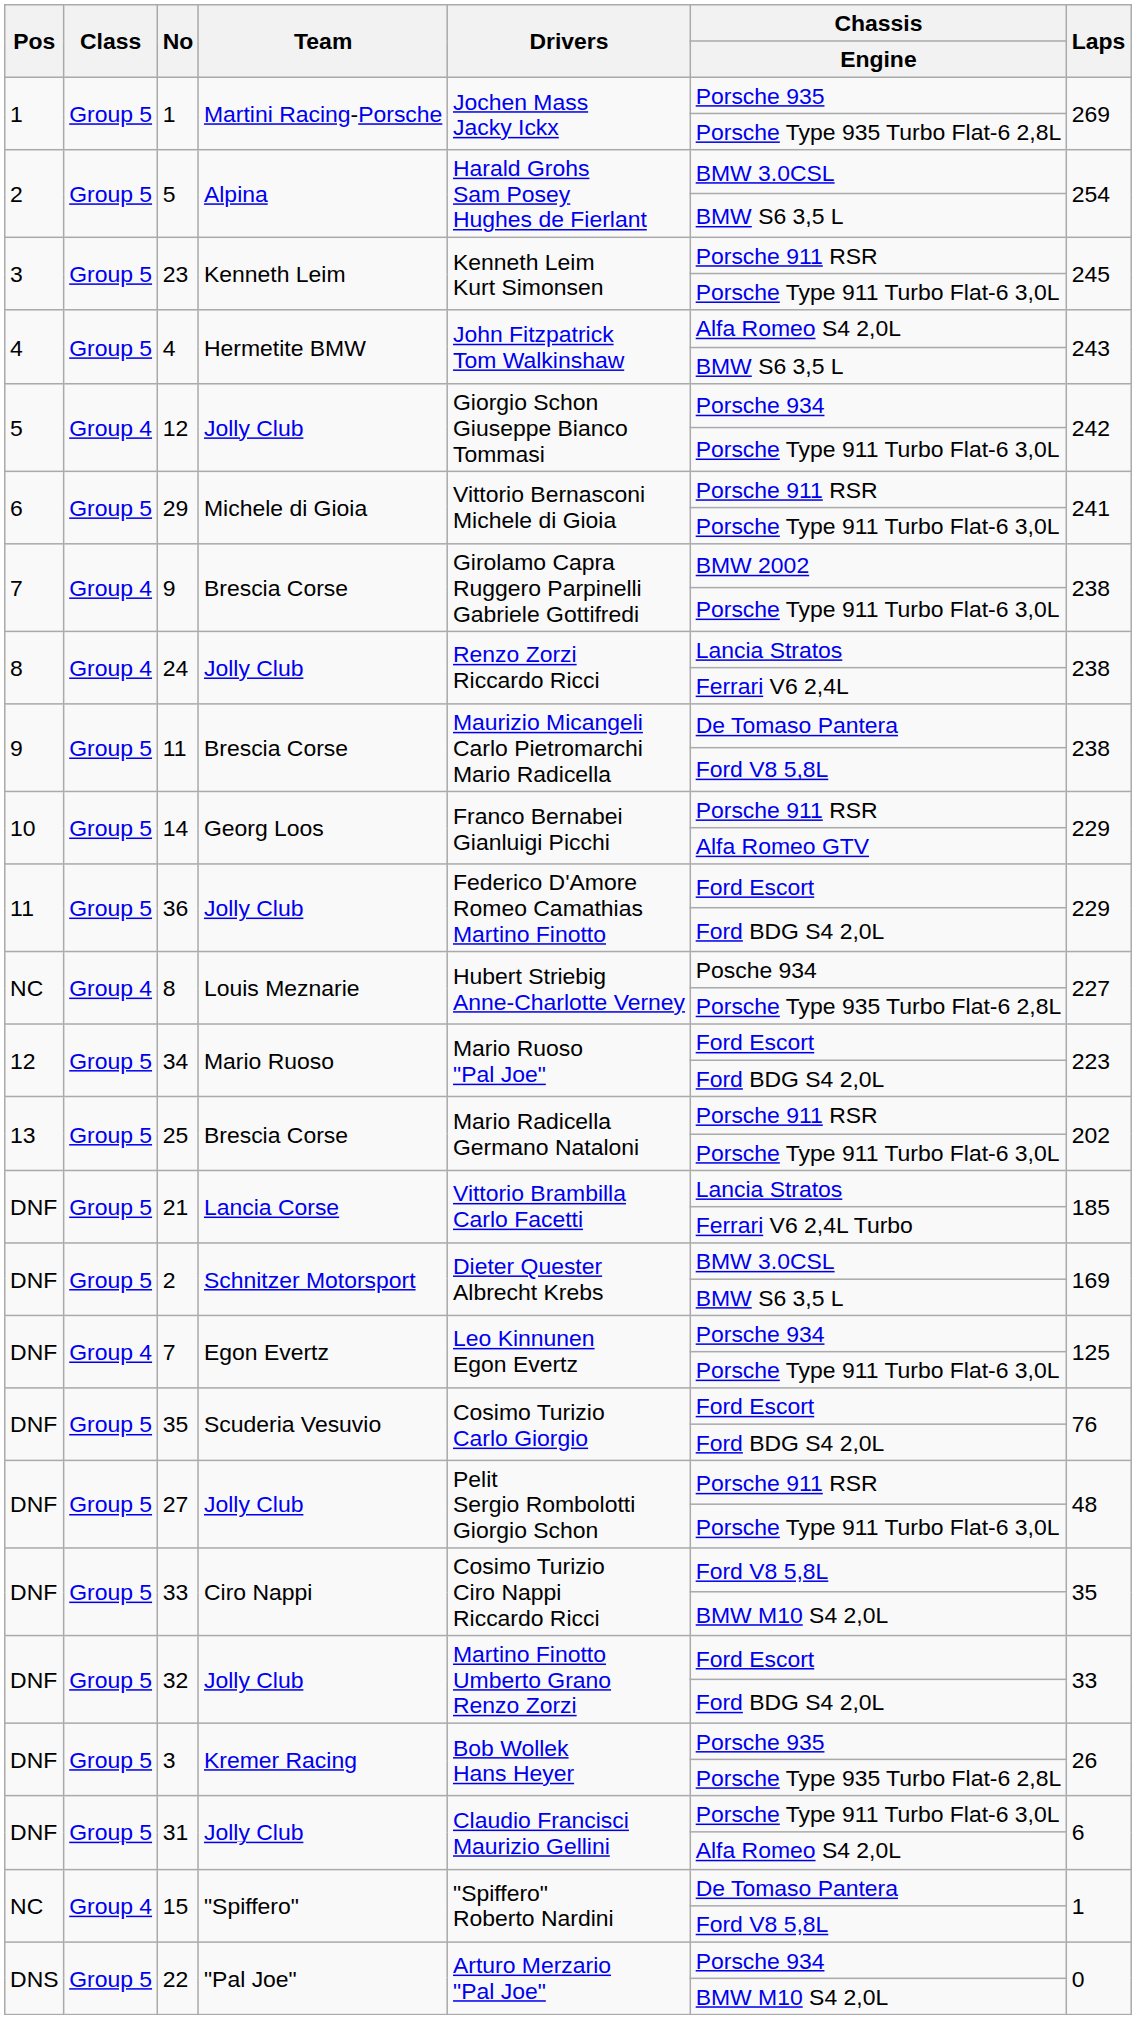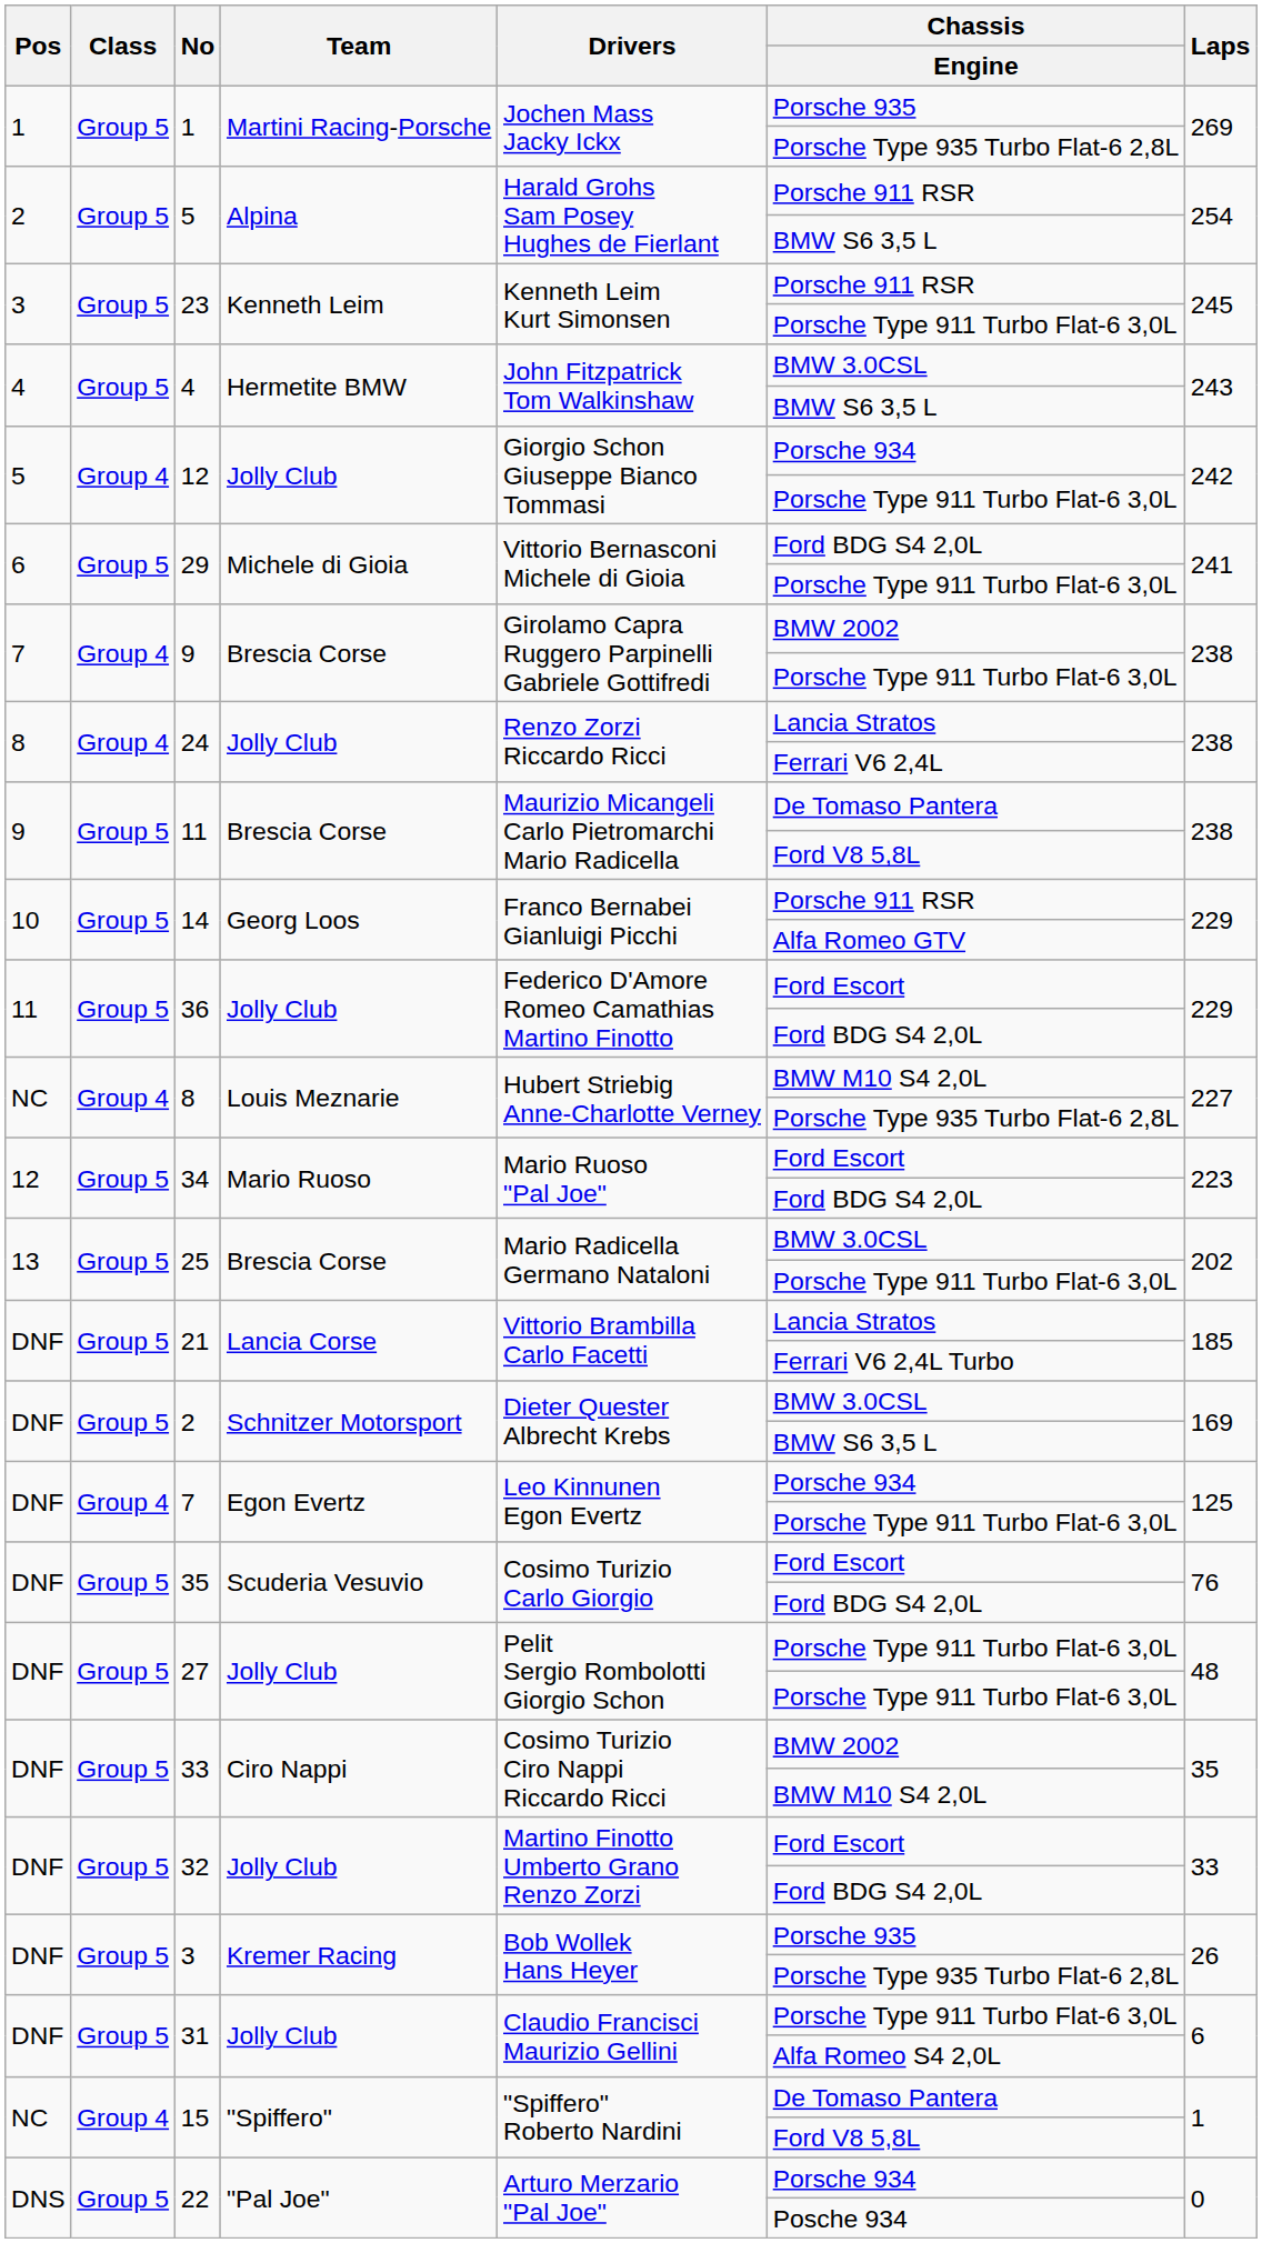 <table class="wikitable" style="font-size: 95%;">
 <tr>
 <th rowspan=2>Pos</th>
 <th rowspan=2>Class</th>
 <th rowspan=2>No</th>
 <th rowspan=2>Team</th>
 <th rowspan=2>Drivers</th>
 <th>Chassis</th>
 <th rowspan=2>Laps</th>
 </tr>
 <tr>
 <th>Engine</th>
 </tr>
 <tr>
 <td rowspan=2>1</td>
 <td rowspan=2><a href='#'>Group 5</a></td>
 <td rowspan=2>1</td>
 <td rowspan=2><a href='#'>Martini Racing</a>-<a href='#'>Porsche</a></td>
 <td rowspan=2><a href='#'>Jochen Mass</a><br><a href='#'>Jacky Ickx</a></td>
 <td><a href='#'>Porsche 935</a></td>
 <td rowspan=2>269</td>
 </tr>
 <tr>
 <td><a href='#'>Porsche</a> Type 935 Turbo Flat-6 2,8L</td>
 </tr>
 <tr>
 <td rowspan=2>2</td>
 <td rowspan=2><a href='#'>Group 5</a></td>
 <td rowspan=2>5</td>
 <td rowspan=2><a href='#'>Alpina</a></td>
 <td rowspan=2><a href='#'>Harald Grohs</a><br><a href='#'>Sam Posey</a><br><a href='#'>Hughes de Fierlant</a></td>
-<td><a href='#'>BMW 3.0CSL</a></td>
+<td><a href='#'>Porsche 911</a> RSR</td>
 <td rowspan=2>254</td>
 </tr>
 <tr>
 <td><a href='#'>BMW</a> S6 3,5 L</td>
 </tr>
 <tr>
 <td rowspan=2>3</td>
 <td rowspan=2><a href='#'>Group 5</a></td>
 <td rowspan=2>23</td>
 <td rowspan=2>Kenneth Leim</td>
 <td rowspan=2>Kenneth Leim<br>Kurt Simonsen</td>
 <td><a href='#'>Porsche 911</a> RSR</td>
 <td rowspan=2>245</td>
 </tr>
 <tr>
 <td><a href='#'>Porsche</a> Type 911 Turbo Flat-6 3,0L</td>
 </tr>
 <tr>
 <td rowspan=2>4</td>
 <td rowspan=2><a href='#'>Group 5</a></td>
 <td rowspan=2>4</td>
 <td rowspan=2>Hermetite BMW</td>
 <td rowspan=2><a href='#'>John Fitzpatrick</a><br><a href='#'>Tom Walkinshaw</a></td>
-<td><a href='#'>Alfa Romeo</a> S4 2,0L</td>
+<td><a href='#'>BMW 3.0CSL</a></td>
 <td rowspan=2>243</td>
 </tr>
 <tr>
 <td><a href='#'>BMW</a> S6 3,5 L</td>
 </tr>
 <tr>
 <td rowspan=2>5</td>
 <td rowspan=2><a href='#'>Group 4</a></td>
 <td rowspan=2>12</td>
 <td rowspan=2><a href='#'>Jolly Club</a></td>
 <td rowspan=2>Giorgio Schon<br>Giuseppe Bianco<br>Tommasi</td>
 <td><a href='#'>Porsche 934</a></td>
 <td rowspan=2>242</td>
 </tr>
 <tr>
 <td><a href='#'>Porsche</a> Type 911 Turbo Flat-6 3,0L</td>
 </tr>
 <tr>
 <td rowspan=2>6</td>
 <td rowspan=2><a href='#'>Group 5</a></td>
 <td rowspan=2>29</td>
 <td rowspan=2>Michele di Gioia</td>
 <td rowspan=2>Vittorio Bernasconi<br>Michele di Gioia</td>
-<td><a href='#'>Porsche 911</a> RSR</td>
+<td><a href='#'>Ford</a> BDG S4 2,0L</td>
 <td rowspan=2>241</td>
 </tr>
 <tr>
 <td><a href='#'>Porsche</a> Type 911 Turbo Flat-6 3,0L</td>
 </tr>
 <tr>
 <td rowspan=2>7</td>
 <td rowspan=2><a href='#'>Group 4</a></td>
 <td rowspan=2>9</td>
 <td rowspan=2>Brescia Corse</td>
 <td rowspan=2>Girolamo Capra<br>Ruggero Parpinelli<br>Gabriele Gottifredi</td>
 <td><a href='#'>BMW 2002</a></td>
 <td rowspan=2>238</td>
 </tr>
 <tr>
 <td><a href='#'>Porsche</a> Type 911 Turbo Flat-6 3,0L</td>
 </tr>
 <tr>
 <td rowspan=2>8</td>
 <td rowspan=2><a href='#'>Group 4</a></td>
 <td rowspan=2>24</td>
 <td rowspan=2><a href='#'>Jolly Club</a></td>
 <td rowspan=2><a href='#'>Renzo Zorzi</a><br>Riccardo Ricci</td>
 <td><a href='#'>Lancia Stratos</a></td>
 <td rowspan=2>238</td>
 </tr>
 <tr>
 <td><a href='#'>Ferrari</a> V6 2,4L</td>
 </tr>
 <tr>
 <td rowspan=2>9</td>
 <td rowspan=2><a href='#'>Group 5</a></td>
 <td rowspan=2>11</td>
 <td rowspan=2>Brescia Corse</td>
 <td rowspan=2><a href='#'>Maurizio Micangeli</a><br>Carlo Pietromarchi <br>Mario Radicella</td>
 <td><a href='#'>De Tomaso Pantera</a></td>
 <td rowspan=2>238</td>
 </tr>
 <tr>
 <td><a href='#'>Ford V8 5,8L</a></td>
 </tr>
 <tr>
 <td rowspan=2>10</td>
 <td rowspan=2><a href='#'>Group 5</a></td>
 <td rowspan=2>14</td>
 <td rowspan=2>Georg Loos</td>
 <td rowspan=2>Franco Bernabei<br>Gianluigi Picchi</td>
 <td><a href='#'>Porsche 911</a> RSR</td>
 <td rowspan=2>229</td>
 </tr>
 <tr>
 <td><a href='#'>Alfa Romeo GTV</a></td>
 </tr>
 <tr>
 <td rowspan=2>11</td>
 <td rowspan=2><a href='#'>Group 5</a></td>
 <td rowspan=2>36</td>
 <td rowspan=2><a href='#'>Jolly Club</a></td>
 <td rowspan=2>Federico D'Amore<br>Romeo Camathias<br><a href='#'>Martino Finotto</a></td>
 <td><a href='#'>Ford Escort</a></td>
 <td rowspan=2>229</td>
 </tr>
 <tr>
 <td><a href='#'>Ford</a> BDG S4 2,0L</td>
 </tr>
 <tr>
 <td rowspan=2>NC</td>
 <td rowspan=2><a href='#'>Group 4</a></td>
 <td rowspan=2>8</td>
 <td rowspan=2>Louis Meznarie</td>
 <td rowspan=2>Hubert Striebig<br><a href='#'>Anne-Charlotte Verney</a></td>
-<td>Posche 934</td>
+<td><a href='#'>BMW M10</a> S4 2,0L</td>
 <td rowspan=2>227</td>
 </tr>
 <tr>
 <td><a href='#'>Porsche</a> Type 935 Turbo Flat-6 2,8L</td>
 </tr>
 <tr>
 <td rowspan=2>12</td>
 <td rowspan=2><a href='#'>Group 5</a></td>
 <td rowspan=2>34</td>
 <td rowspan=2>Mario Ruoso</td>
 <td rowspan=2>Mario Ruoso<br><a href='#'>"Pal Joe"</a></td>
 <td><a href='#'>Ford Escort</a></td>
 <td rowspan=2>223</td>
 </tr>
 <tr>
 <td><a href='#'>Ford</a> BDG S4 2,0L</td>
 </tr>
 <tr>
 <td rowspan=2>13</td>
 <td rowspan=2><a href='#'>Group 5</a></td>
 <td rowspan=2>25</td>
 <td rowspan=2>Brescia Corse</td>
 <td rowspan=2>Mario Radicella<br>Germano Nataloni</td>
-<td><a href='#'>Porsche 911</a> RSR</td>
+<td><a href='#'>BMW 3.0CSL</a></td>
 <td rowspan=2>202</td>
 </tr>
 <tr>
 <td><a href='#'>Porsche</a> Type 911 Turbo Flat-6 3,0L</td>
 </tr>
 <tr>
 <td rowspan=2>DNF</td>
 <td rowspan=2><a href='#'>Group 5</a></td>
 <td rowspan=2>21</td>
 <td rowspan=2><a href='#'>Lancia Corse</a></td>
 <td rowspan=2><a href='#'>Vittorio Brambilla</a><br><a href='#'>Carlo Facetti</a></td>
 <td><a href='#'>Lancia Stratos</a></td>
 <td rowspan=2>185</td>
 </tr>
 <tr>
 <td><a href='#'>Ferrari</a> V6 2,4L Turbo</td>
 </tr>
 <tr>
 <td rowspan=2>DNF</td>
 <td rowspan=2><a href='#'>Group 5</a></td>
 <td rowspan=2>2</td>
 <td rowspan=2><a href='#'>Schnitzer Motorsport</a></td>
 <td rowspan=2><a href='#'>Dieter Quester</a><br>Albrecht Krebs</td>
 <td><a href='#'>BMW 3.0CSL</a></td>
 <td rowspan=2>169</td>
 </tr>
 <tr>
 <td><a href='#'>BMW</a> S6 3,5 L</td>
 </tr>
 <tr>
 <td rowspan=2>DNF</td>
 <td rowspan=2><a href='#'>Group 4</a></td>
 <td rowspan=2>7</td>
 <td rowspan=2>Egon Evertz</td>
 <td rowspan=2><a href='#'>Leo Kinnunen</a><br>Egon Evertz</td>
 <td><a href='#'>Porsche 934</a></td>
 <td rowspan=2>125</td>
 </tr>
 <tr>
 <td><a href='#'>Porsche</a> Type 911 Turbo Flat-6 3,0L</td>
 </tr>
 <tr>
 <td rowspan=2>DNF</td>
 <td rowspan=2><a href='#'>Group 5</a></td>
 <td rowspan=2>35</td>
 <td rowspan=2>Scuderia Vesuvio</td>
 <td rowspan=2>Cosimo Turizio<br><a href='#'>Carlo Giorgio</a></td>
 <td><a href='#'>Ford Escort</a></td>
 <td rowspan=2>76</td>
 </tr>
 <tr>
 <td><a href='#'>Ford</a> BDG S4 2,0L</td>
 </tr>
 <tr>
 <td rowspan=2>DNF</td>
 <td rowspan=2><a href='#'>Group 5</a></td>
 <td rowspan=2>27</td>
 <td rowspan=2><a href='#'>Jolly Club</a></td>
 <td rowspan=2>Pelit<br>Sergio Rombolotti<br>Giorgio Schon</td>
-<td><a href='#'>Porsche 911</a> RSR</td>
+<td><a href='#'>Porsche</a> Type 911 Turbo Flat-6 3,0L</td>
 <td rowspan=2>48</td>
 </tr>
 <tr>
 <td><a href='#'>Porsche</a> Type 911 Turbo Flat-6 3,0L</td>
 </tr>
 <tr>
 <td rowspan=2>DNF</td>
 <td rowspan=2><a href='#'>Group 5</a></td>
 <td rowspan=2>33</td>
 <td rowspan=2>Ciro Nappi</td>
 <td rowspan=2>Cosimo Turizio<br>Ciro Nappi<br>Riccardo Ricci</td>
-<td><a href='#'>Ford V8 5,8L</a></td>
+<td><a href='#'>BMW 2002</a></td>
 <td rowspan=2>35</td>
 </tr>
 <tr>
 <td><a href='#'>BMW M10</a> S4 2,0L</td>
 </tr>
 <tr>
 <td rowspan=2>DNF</td>
 <td rowspan=2><a href='#'>Group 5</a></td>
 <td rowspan=2>32</td>
 <td rowspan=2><a href='#'>Jolly Club</a></td>
 <td rowspan=2><a href='#'>Martino Finotto</a><br><a href='#'>Umberto Grano</a><br><a href='#'>Renzo Zorzi</a></td>
 <td><a href='#'>Ford Escort</a></td>
 <td rowspan=2>33</td>
 </tr>
 <tr>
 <td><a href='#'>Ford</a> BDG S4 2,0L</td>
 </tr>
 <tr>
 <td rowspan=2>DNF</td>
 <td rowspan=2><a href='#'>Group 5</a></td>
 <td rowspan=2>3</td>
 <td rowspan=2><a href='#'>Kremer Racing</a></td>
 <td rowspan=2><a href='#'>Bob Wollek</a><br><a href='#'>Hans Heyer</a></td>
 <td><a href='#'>Porsche 935</a></td>
 <td rowspan=2>26</td>
 </tr>
 <tr>
 <td><a href='#'>Porsche</a> Type 935 Turbo Flat-6 2,8L</td>
 </tr>
 <tr>
 <td rowspan=2>DNF</td>
 <td rowspan=2><a href='#'>Group 5</a></td>
 <td rowspan=2>31</td>
 <td rowspan=2><a href='#'>Jolly Club</a></td>
 <td rowspan=2><a href='#'>Claudio Francisci</a><br><a href='#'>Maurizio Gellini</a></td>
 <td><a href='#'>Porsche</a> Type 911 Turbo Flat-6 3,0L</td>
 <td rowspan=2>6</td>
 </tr>
 <tr>
 <td><a href='#'>Alfa Romeo</a> S4 2,0L</td>
 </tr>
 <tr>
 <td rowspan=2>NC</td>
 <td rowspan=2><a href='#'>Group 4</a></td>
 <td rowspan=2>15</td>
 <td rowspan=2>"Spiffero"</td>
 <td rowspan=2>"Spiffero"<br>Roberto Nardini</td>
 <td><a href='#'>De Tomaso Pantera</a></td>
 <td rowspan=2>1</td>
 </tr>
 <tr>
 <td><a href='#'>Ford V8 5,8L</a></td>
 </tr>
 <tr>
 <td rowspan=2>DNS</td>
 <td rowspan=2><a href='#'>Group 5</a></td>
 <td rowspan=2>22</td>
 <td rowspan=2>"Pal Joe"</td>
 <td rowspan=2><a href='#'>Arturo Merzario</a><br><a href='#'>"Pal Joe"</a></td>
 <td><a href='#'>Porsche 934</a></td>
 <td rowspan=2>0</td>
 </tr>
 <tr>
-<td><a href='#'>BMW M10</a> S4 2,0L</td>
+<td>Posche 934</td>
 </tr>
 </table>
